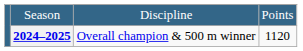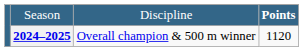 <table class="wikitable" style="font-size:95%; text-align:center; border:gray solid 1px;">
 <tr style="background:#368; color:white;">
 <td rowspan="3"></td>
 <td rowspan="2">Season</td>
 </tr>
 <tr style="background:#368; color:white;">
 <td>Discipline</td>
-<td>Points</td>
+<td><strong>Points</strong></td>
 </tr>
 <tr>
 <th><a href='#'>2024–2025</a></th>
 <td><a href='#'>Overall champion</a> & 500 m winner</td>
 <td>1120</td>
 </tr>
 </table>
